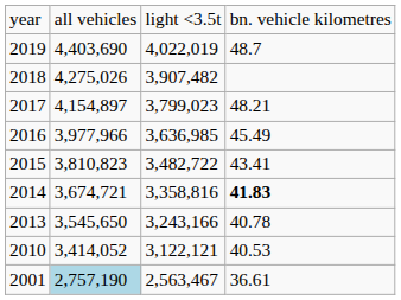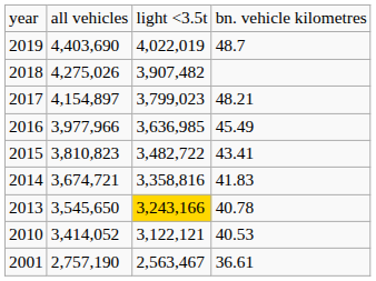 <table class="wikitable">
 <tr>
 <td>year</td>
 <td>all vehicles</td>
 <td>light <3.5t</td>
 <td>bn. vehicle kilometres</td>
 </tr>
 <tr>
 <td>2019</td>
 <td>4,403,690</td>
 <td>4,022,019</td>
 <td>48.7</td>
 </tr>
 <tr>
 <td>2018</td>
 <td>4,275,026</td>
 <td>3,907,482</td>
 <td></td>
 </tr>
 <tr>
 <td>2017</td>
 <td>4,154,897</td>
 <td>3,799,023</td>
 <td>48.21</td>
 </tr>
 <tr>
 <td>2016</td>
 <td>3,977,966</td>
 <td>3,636,985</td>
 <td>45.49</td>
 </tr>
 <tr>
 <td>2015</td>
 <td>3,810,823</td>
 <td>3,482,722</td>
 <td>43.41</td>
 </tr>
 <tr>
 <td>2014</td>
 <td>3,674,721</td>
 <td>3,358,816</td>
-<td><strong>41.83</strong></td>
+<td>41.83</td>
 </tr>
 <tr>
 <td>2013</td>
 <td>3,545,650</td>
-<td>3,243,166</td>
+<td style="background: gold;">3,243,166</td>
 <td>40.78</td>
 </tr>
 <tr>
 <td>2010</td>
 <td>3,414,052</td>
 <td>3,122,121</td>
 <td>40.53</td>
 </tr>
 <tr>
 <td>2001</td>
-<td style="background: lightblue;">2,757,190</td>
+<td>2,757,190</td>
 <td>2,563,467</td>
 <td>36.61</td>
 </tr>
 </table>
